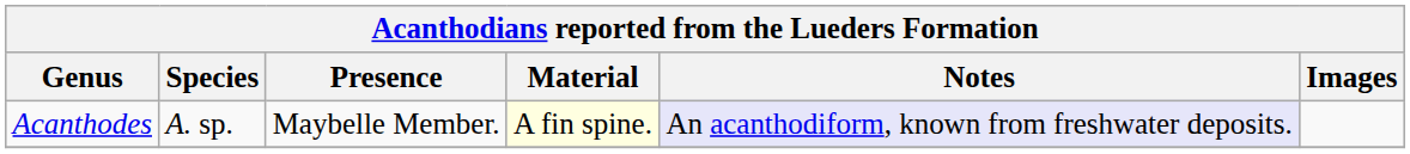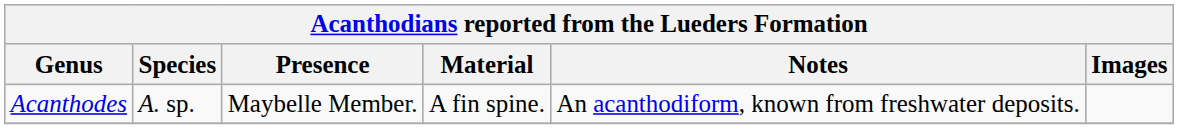 <table class="wikitable" align="center">
 <tr>
 <th colspan="6" align="center"><strong><a href='#'>Acanthodians</a> reported from the Lueders Formation</strong></th>
 </tr>
 <tr>
 <th>Genus</th>
 <th>Species</th>
 <th>Presence</th>
 <th><strong>Material</strong></th>
 <th>Notes</th>
 <th>Images</th>
 </tr>
 <tr>
 <td><em><a href='#'>Acanthodes</a></em></td>
 <td><em>A.</em> sp.</td>
 <td>Maybelle Member.</td>
-<td style="background: lightyellow;">A fin spine.</td>
-<td style="background: lavender;">An <a href='#'>acanthodiform</a>, known from freshwater deposits.</td>
+<td>A fin spine.</td>
+<td>An <a href='#'>acanthodiform</a>, known from freshwater deposits.</td>
 <td></td>
 </tr>
 <tr>
 </tr>
 </table>
